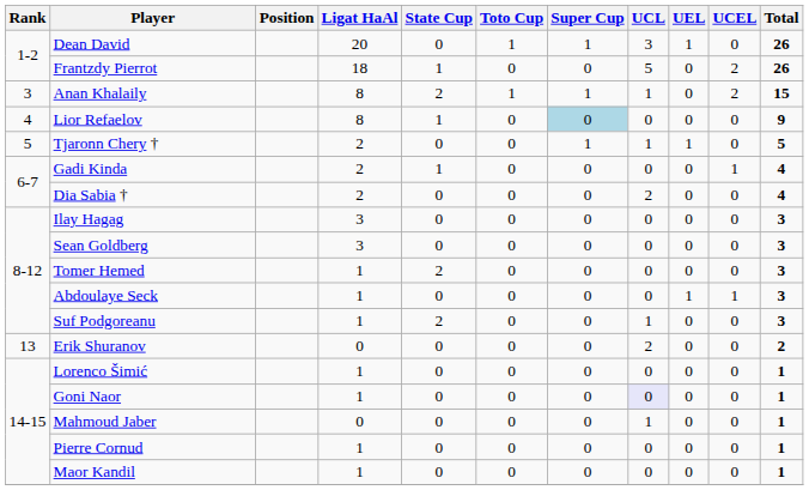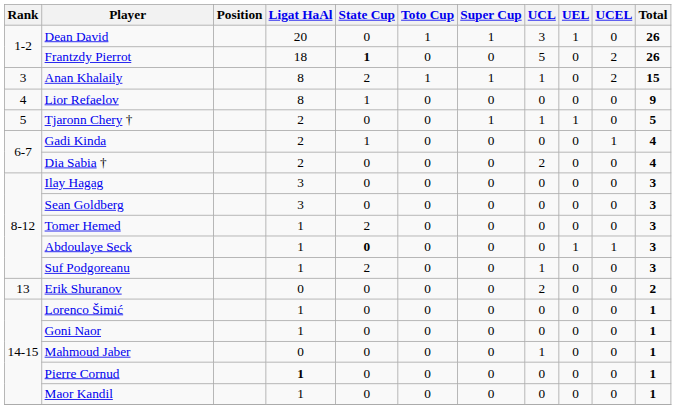 <table class="wikitable" style="text-align:center;">
 <tr>
 <th>Rank</th>
 <th style="width:200px;">Player</th>
 <th>Position</th>
 <th><a href='#'>Ligat HaAl</a></th>
 <th><a href='#'>State Cup</a></th>
 <th><a href='#'>Toto Cup</a></th>
 <th><a href='#'>Super Cup</a></th>
 <th><a href='#'>UCL</a></th>
 <th><a href='#'>UEL</a></th>
 <th><a href='#'>UCEL</a></th>
 <th>Total</th>
 </tr>
 <tr>
 <td rowspan=2>1-2</td>
 <td align=left> <a href='#'>Dean David</a></td>
 <td></td>
 <td>20</td>
 <td>0</td>
 <td>1</td>
 <td>1</td>
 <td>3</td>
 <td>1</td>
 <td>0</td>
 <td><strong>26</strong></td>
 </tr>
 <tr>
 <td align=left> <a href='#'>Frantzdy Pierrot</a></td>
 <td></td>
 <td>18</td>
-<td>1</td>
+<td><strong>1</strong></td>
 <td>0</td>
 <td>0</td>
 <td>5</td>
 <td>0</td>
 <td>2</td>
 <td><strong>26</strong></td>
 </tr>
 <tr>
 <td>3</td>
 <td align=left> <a href='#'>Anan Khalaily</a></td>
 <td></td>
 <td>8</td>
 <td>2</td>
 <td>1</td>
 <td>1</td>
 <td>1</td>
 <td>0</td>
 <td>2</td>
 <td><strong>15</strong></td>
 </tr>
 <tr>
 <td>4</td>
 <td align=left> <a href='#'>Lior Refaelov</a></td>
 <td></td>
 <td>8</td>
 <td>1</td>
 <td>0</td>
-<td style="background: lightblue;">0</td>
+<td>0</td>
 <td>0</td>
 <td>0</td>
 <td>0</td>
 <td><strong>9</strong></td>
 </tr>
 <tr>
 <td>5</td>
 <td align=left> <a href='#'>Tjaronn Chery</a> †</td>
 <td></td>
 <td>2</td>
 <td>0</td>
 <td>0</td>
 <td>1</td>
 <td>1</td>
 <td>1</td>
 <td>0</td>
 <td><strong>5</strong></td>
 </tr>
 <tr>
 <td rowspan=2>6-7</td>
 <td align=left> <a href='#'>Gadi Kinda</a></td>
 <td></td>
 <td>2</td>
 <td>1</td>
 <td>0</td>
 <td>0</td>
 <td>0</td>
 <td>0</td>
 <td>1</td>
 <td><strong>4</strong></td>
 </tr>
 <tr>
 <td align=left> <a href='#'>Dia Sabia</a> †</td>
 <td></td>
 <td>2</td>
 <td>0</td>
 <td>0</td>
 <td>0</td>
 <td>2</td>
 <td>0</td>
 <td>0</td>
 <td><strong>4</strong></td>
 </tr>
 <tr>
 <td rowspan=5>8-12</td>
 <td align=left> <a href='#'>Ilay Hagag</a></td>
 <td></td>
 <td>3</td>
 <td>0</td>
 <td>0</td>
 <td>0</td>
 <td>0</td>
 <td>0</td>
 <td>0</td>
 <td><strong>3</strong></td>
 </tr>
 <tr>
 <td align=left> <a href='#'>Sean Goldberg</a></td>
 <td></td>
 <td>3</td>
 <td>0</td>
 <td>0</td>
 <td>0</td>
 <td>0</td>
 <td>0</td>
 <td>0</td>
 <td><strong>3</strong></td>
 </tr>
 <tr>
 <td align=left> <a href='#'>Tomer Hemed</a></td>
 <td></td>
 <td>1</td>
 <td>2</td>
 <td>0</td>
 <td>0</td>
 <td>0</td>
 <td>0</td>
 <td>0</td>
 <td><strong>3</strong></td>
 </tr>
 <tr>
 <td align=left> <a href='#'>Abdoulaye Seck</a></td>
 <td></td>
 <td>1</td>
-<td>0</td>
+<td><strong>0</strong></td>
 <td>0</td>
 <td>0</td>
 <td>0</td>
 <td>1</td>
 <td>1</td>
 <td><strong>3</strong></td>
 </tr>
 <tr>
 <td align=left> <a href='#'>Suf Podgoreanu</a></td>
 <td></td>
 <td>1</td>
 <td>2</td>
 <td>0</td>
 <td>0</td>
 <td>1</td>
 <td>0</td>
 <td>0</td>
 <td><strong>3</strong></td>
 </tr>
 <tr>
 <td>13</td>
 <td align=left> <a href='#'>Erik Shuranov</a></td>
 <td></td>
 <td>0</td>
 <td>0</td>
 <td>0</td>
 <td>0</td>
 <td>2</td>
 <td>0</td>
 <td>0</td>
 <td><strong>2</strong></td>
 </tr>
 <tr>
 <td rowspan=5>14-15</td>
 <td align=left> <a href='#'>Lorenco Šimić</a></td>
 <td></td>
 <td>1</td>
 <td>0</td>
 <td>0</td>
 <td>0</td>
 <td>0</td>
 <td>0</td>
 <td>0</td>
 <td><strong>1</strong></td>
 </tr>
 <tr>
 <td align=left> <a href='#'>Goni Naor</a></td>
 <td></td>
 <td>1</td>
 <td>0</td>
 <td>0</td>
 <td>0</td>
-<td style="background: lavender;">0</td>
+<td>0</td>
 <td>0</td>
 <td>0</td>
 <td><strong>1</strong></td>
 </tr>
 <tr>
 <td align=left> <a href='#'>Mahmoud Jaber</a></td>
 <td></td>
 <td>0</td>
 <td>0</td>
 <td>0</td>
 <td>0</td>
 <td>1</td>
 <td>0</td>
 <td>0</td>
 <td><strong>1</strong></td>
 </tr>
 <tr>
 <td align=left> <a href='#'>Pierre Cornud</a></td>
 <td></td>
-<td>1</td>
+<td><strong>1</strong></td>
 <td>0</td>
 <td>0</td>
 <td>0</td>
 <td>0</td>
 <td>0</td>
 <td>0</td>
 <td><strong>1</strong></td>
 </tr>
 <tr>
 <td align=left> <a href='#'>Maor Kandil</a></td>
 <td></td>
 <td>1</td>
 <td>0</td>
 <td>0</td>
 <td>0</td>
 <td>0</td>
 <td>0</td>
 <td>0</td>
 <td><strong>1</strong></td>
 </tr>
 <tr>
 </tr>
 </table>
